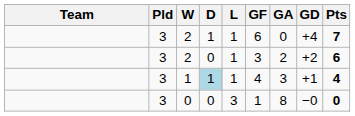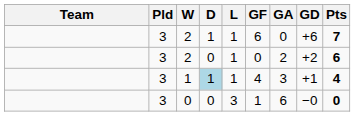 <table class="wikitable" style="text-align: center;">
 <tr>
 <th width=165>Team</th>
 <th width=20>Pld</th>
 <th width=20>W</th>
 <th width=20>D</th>
 <th width=20>L</th>
 <th width=20>GF</th>
 <th width=20>GA</th>
 <th width=20>GD</th>
 <th width=20>Pts</th>
 </tr>
 <tr>
 <td style="text-align:left;"></td>
 <td>3</td>
 <td>2</td>
 <td>1</td>
 <td>1</td>
 <td>6</td>
 <td>0</td>
-<td>+4</td>
+<td>+6</td>
 <td><strong>7</strong></td>
 </tr>
 <tr>
 <td style="text-align:left;"></td>
 <td>3</td>
 <td>2</td>
 <td>0</td>
 <td>1</td>
-<td>3</td>
+<td>0</td>
 <td>2</td>
 <td>+2</td>
 <td><strong>6</strong></td>
 </tr>
 <tr>
 <td style="text-align:left;"></td>
 <td>3</td>
 <td>1</td>
 <td style="background: lightblue;">1</td>
 <td>1</td>
 <td>4</td>
 <td>3</td>
 <td>+1</td>
 <td><strong>4</strong></td>
 </tr>
 <tr>
 <td style="text-align:left;"></td>
 <td>3</td>
 <td>0</td>
 <td>0</td>
 <td>3</td>
 <td>1</td>
-<td>8</td>
+<td>6</td>
 <td>−0</td>
 <td><strong>0</strong></td>
 </tr>
 </table>
